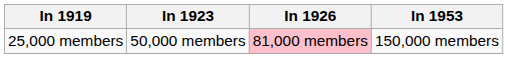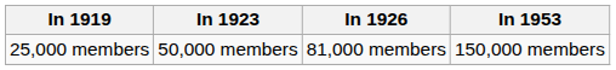 <table class="wikitable" border="1">
 <tr>
 <th>In 1919</th>
 <th>In 1923</th>
 <th>In 1926</th>
 <th>In 1953</th>
 </tr>
 <tr>
 <td>25,000 members</td>
 <td>50,000 members</td>
-<td style="background: pink;">81,000 members</td>
+<td>81,000 members</td>
 <td>150,000 members</td>
 </tr>
 <tr>
 </tr>
 </table>
